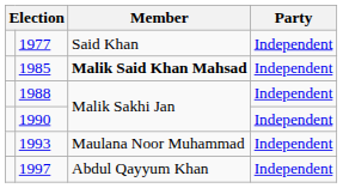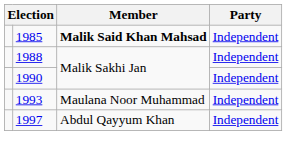 <table class="wikitable">
 <tr>
 <th colspan="2">Election</th>
 <th>Member</th>
 <th>Party</th>
-</tr>
-<tr>
-<td style="background-color: "></td>
-<td><a href='#'>1977</a></td>
-<td>Said Khan</td>
-<td><a href='#'>Independent</a></td>
 </tr>
 <tr>
 <td style="background-color: "></td>
 <td><a href='#'>1985</a></td>
 <td><strong>Malik Said Khan Mahsad</strong></td>
 <td><a href='#'>Independent</a></td>
 </tr>
 <tr>
 <td style="background-color: "></td>
 <td><a href='#'>1988</a></td>
 <td rowspan=2>Malik Sakhi Jan</td>
 <td><a href='#'>Independent</a></td>
 </tr>
 <tr>
 <td style="background-color: "></td>
 <td><a href='#'>1990</a></td>
 <td><a href='#'>Independent</a></td>
 </tr>
 <tr>
 <td style="background-color: "></td>
 <td><a href='#'>1993</a></td>
 <td>Maulana Noor Muhammad</td>
 <td><a href='#'>Independent</a></td>
 </tr>
 <tr>
 <td style="background-color: "></td>
 <td><a href='#'>1997</a></td>
 <td>Abdul Qayyum Khan</td>
 <td><a href='#'>Independent</a></td>
 </tr>
 </table>
